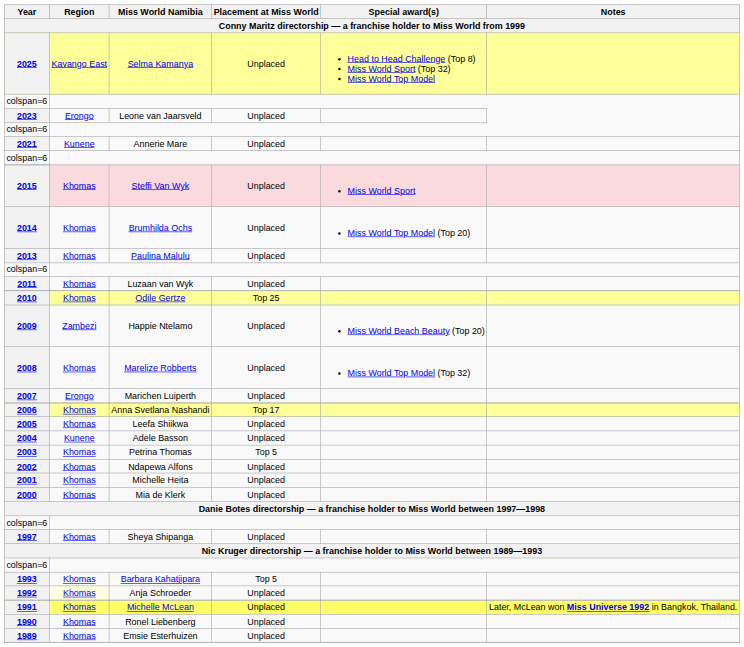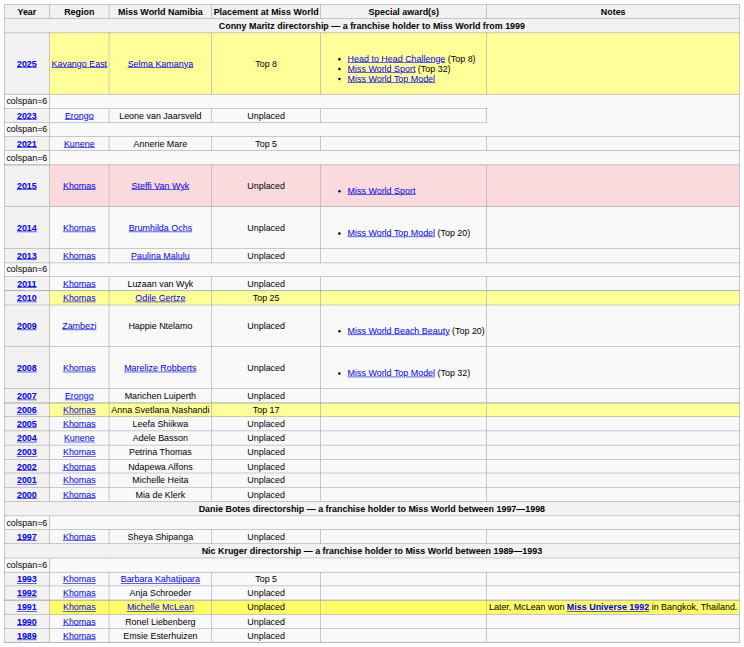 <table class="wikitable " style="font-size: 90%; text-align:center;">
 <tr>
 <th>Year</th>
 <th>Region</th>
 <th>Miss World Namibia</th>
 <th>Placement at Miss World</th>
 <th>Special award(s)</th>
 <th>Notes</th>
 </tr>
 <tr>
 <th colspan="6">Conny Maritz directorship — a franchise holder to Miss World from 1999</th>
 </tr>
 <tr style="background-color:#FFFF99; ">
 <th><a href='#'>2025</a></th>
 <td><a href='#'>Kavango East</a></td>
 <td><a href='#'>Selma Kamanya</a></td>
-<td>Unplaced</td>
+<td>Top 8</td>
 <td style="text-align:left"><br><ul><li><a href='#'>Head to Head Challenge</a> (Top 8)</li><li><a href='#'>Miss World Sport</a> (Top 32)</li><li><a href='#'>Miss World Top Model</a></li></ul></td>
 <td></td>
 </tr>
 <tr>
 <td>colspan=6 </td>
 </tr>
 <tr>
 <th><a href='#'>2023</a></th>
 <td><a href='#'>Erongo</a></td>
 <td>Leone van Jaarsveld</td>
 <td>Unplaced</td>
 <td></td>
 </tr>
 <tr>
 <td>colspan=6 </td>
 </tr>
 <tr>
 <th><a href='#'>2021</a></th>
 <td><a href='#'>Kunene</a></td>
 <td>Annerie Mare</td>
-<td>Unplaced</td>
+<td>Top 5</td>
 <td></td>
 <td></td>
 </tr>
 <tr>
 <td>colspan=6 </td>
 </tr>
 <tr>
 </tr>
 <tr style="background-color:#FADADD; ">
 <th><a href='#'>2015</a></th>
 <td><a href='#'>Khomas</a></td>
 <td><a href='#'>Steffi Van Wyk</a></td>
 <td>Unplaced</td>
 <td style="text-align:left"><br><ul><li><a href='#'>Miss World Sport</a></li></ul></td>
 <td></td>
 </tr>
 <tr>
 <th><a href='#'>2014</a></th>
 <td><a href='#'>Khomas</a></td>
 <td><a href='#'>Brumhilda Ochs</a></td>
 <td>Unplaced</td>
 <td style="text-align:left"><br><ul><li><a href='#'>Miss World Top Model</a> (Top 20)</li></ul></td>
 <td></td>
 </tr>
 <tr>
 <th><a href='#'>2013</a></th>
 <td><a href='#'>Khomas</a></td>
 <td><a href='#'>Paulina Malulu</a></td>
 <td>Unplaced</td>
 <td></td>
 <td></td>
 </tr>
 <tr>
 <td>colspan=6 </td>
 </tr>
 <tr>
 <th><a href='#'>2011</a></th>
 <td><a href='#'>Khomas</a></td>
 <td>Luzaan van Wyk</td>
 <td>Unplaced</td>
 <td></td>
 <td></td>
 </tr>
 <tr>
 </tr>
 <tr style="background-color:#FFFF99; ">
 <th><a href='#'>2010</a></th>
 <td><a href='#'>Khomas</a></td>
 <td><a href='#'>Odile Gertze</a></td>
 <td>Top 25</td>
 <td></td>
 <td></td>
 </tr>
 <tr>
 <th><a href='#'>2009</a></th>
 <td><a href='#'>Zambezi</a></td>
 <td>Happie Ntelamo</td>
 <td>Unplaced</td>
 <td style="text-align:left"><br><ul><li><a href='#'>Miss World Beach Beauty</a> (Top 20)</li></ul></td>
 <td></td>
 </tr>
 <tr>
 <th><a href='#'>2008</a></th>
 <td><a href='#'>Khomas</a></td>
 <td><a href='#'>Marelize Robberts</a></td>
 <td>Unplaced</td>
 <td style="text-align:left"><br><ul><li><a href='#'>Miss World Top Model</a> (Top 32)</li></ul></td>
 <td></td>
 </tr>
 <tr>
 <th><a href='#'>2007</a></th>
 <td><a href='#'>Erongo</a></td>
 <td>Marichen Luiperth</td>
 <td>Unplaced</td>
 <td></td>
 <td></td>
 </tr>
 <tr>
 </tr>
 <tr style="background-color:#FFFF99; ">
 <th><a href='#'>2006</a></th>
 <td><a href='#'>Khomas</a></td>
 <td>Anna Svetlana Nashandi</td>
 <td>Top 17</td>
 <td></td>
 <td></td>
 </tr>
 <tr>
 <th><a href='#'>2005</a></th>
 <td><a href='#'>Khomas</a></td>
 <td>Leefa Shiikwa</td>
 <td>Unplaced</td>
 <td></td>
 <td></td>
 </tr>
 <tr>
 <th><a href='#'>2004</a></th>
 <td><a href='#'>Kunene</a></td>
 <td>Adele Basson</td>
 <td>Unplaced</td>
 <td></td>
 <td></td>
 </tr>
 <tr>
 <th><a href='#'>2003</a></th>
 <td><a href='#'>Khomas</a></td>
 <td>Petrina Thomas</td>
-<td>Top 5</td>
+<td>Unplaced</td>
 <td></td>
 <td></td>
 </tr>
 <tr>
 <th><a href='#'>2002</a></th>
 <td><a href='#'>Khomas</a></td>
 <td>Ndapewa Alfons</td>
 <td>Unplaced</td>
 <td></td>
 <td></td>
 </tr>
 <tr>
 <th><a href='#'>2001</a></th>
 <td><a href='#'>Khomas</a></td>
 <td>Michelle Heita</td>
 <td>Unplaced</td>
 <td></td>
 <td></td>
 </tr>
 <tr>
 <th><a href='#'>2000</a></th>
 <td><a href='#'>Khomas</a></td>
 <td>Mia de Klerk</td>
 <td>Unplaced</td>
 <td></td>
 <td></td>
 </tr>
 <tr>
 <th colspan="6">Danie Botes directorship — a franchise holder to Miss World between 1997―1998</th>
 </tr>
 <tr>
 <td>colspan=6 </td>
 </tr>
 <tr>
 <th><a href='#'>1997</a></th>
 <td><a href='#'>Khomas</a></td>
 <td>Sheya Shipanga</td>
 <td>Unplaced</td>
 <td></td>
 <td></td>
 </tr>
 <tr>
 <th colspan="6">Nic Kruger directorship — a franchise holder to Miss World between 1989―1993</th>
 </tr>
 <tr>
 <td>colspan=6 </td>
 </tr>
 <tr>
 <th><a href='#'>1993</a></th>
 <td><a href='#'>Khomas</a></td>
 <td><a href='#'>Barbara Kahatjipara</a></td>
 <td>Top 5</td>
 <td></td>
 <td></td>
 </tr>
 <tr>
 <th><a href='#'>1992</a></th>
-<td style="background: lightyellow;"><a href='#'>Khomas</a></td>
+<td><a href='#'>Khomas</a></td>
 <td>Anja Schroeder</td>
 <td>Unplaced</td>
 <td></td>
 <td></td>
 </tr>
 <tr>
 </tr>
 <tr style="background-color:#FFFF66; ">
 <th><a href='#'>1991</a></th>
 <td><a href='#'>Khomas</a></td>
 <td><a href='#'>Michelle McLean</a></td>
 <td>Unplaced</td>
 <td></td>
 <td>Later, McLean won <strong><a href='#'>Miss Universe 1992</a></strong> in Bangkok, Thailand.</td>
 </tr>
 <tr>
 <th><a href='#'>1990</a></th>
 <td><a href='#'>Khomas</a></td>
 <td>Ronel Liebenberg</td>
 <td>Unplaced</td>
 <td></td>
 <td></td>
 </tr>
 <tr>
 <th><a href='#'>1989</a></th>
 <td><a href='#'>Khomas</a></td>
 <td>Emsie Esterhuizen</td>
 <td>Unplaced</td>
 <td></td>
 <td></td>
 </tr>
 <tr>
 </tr>
 </table>
